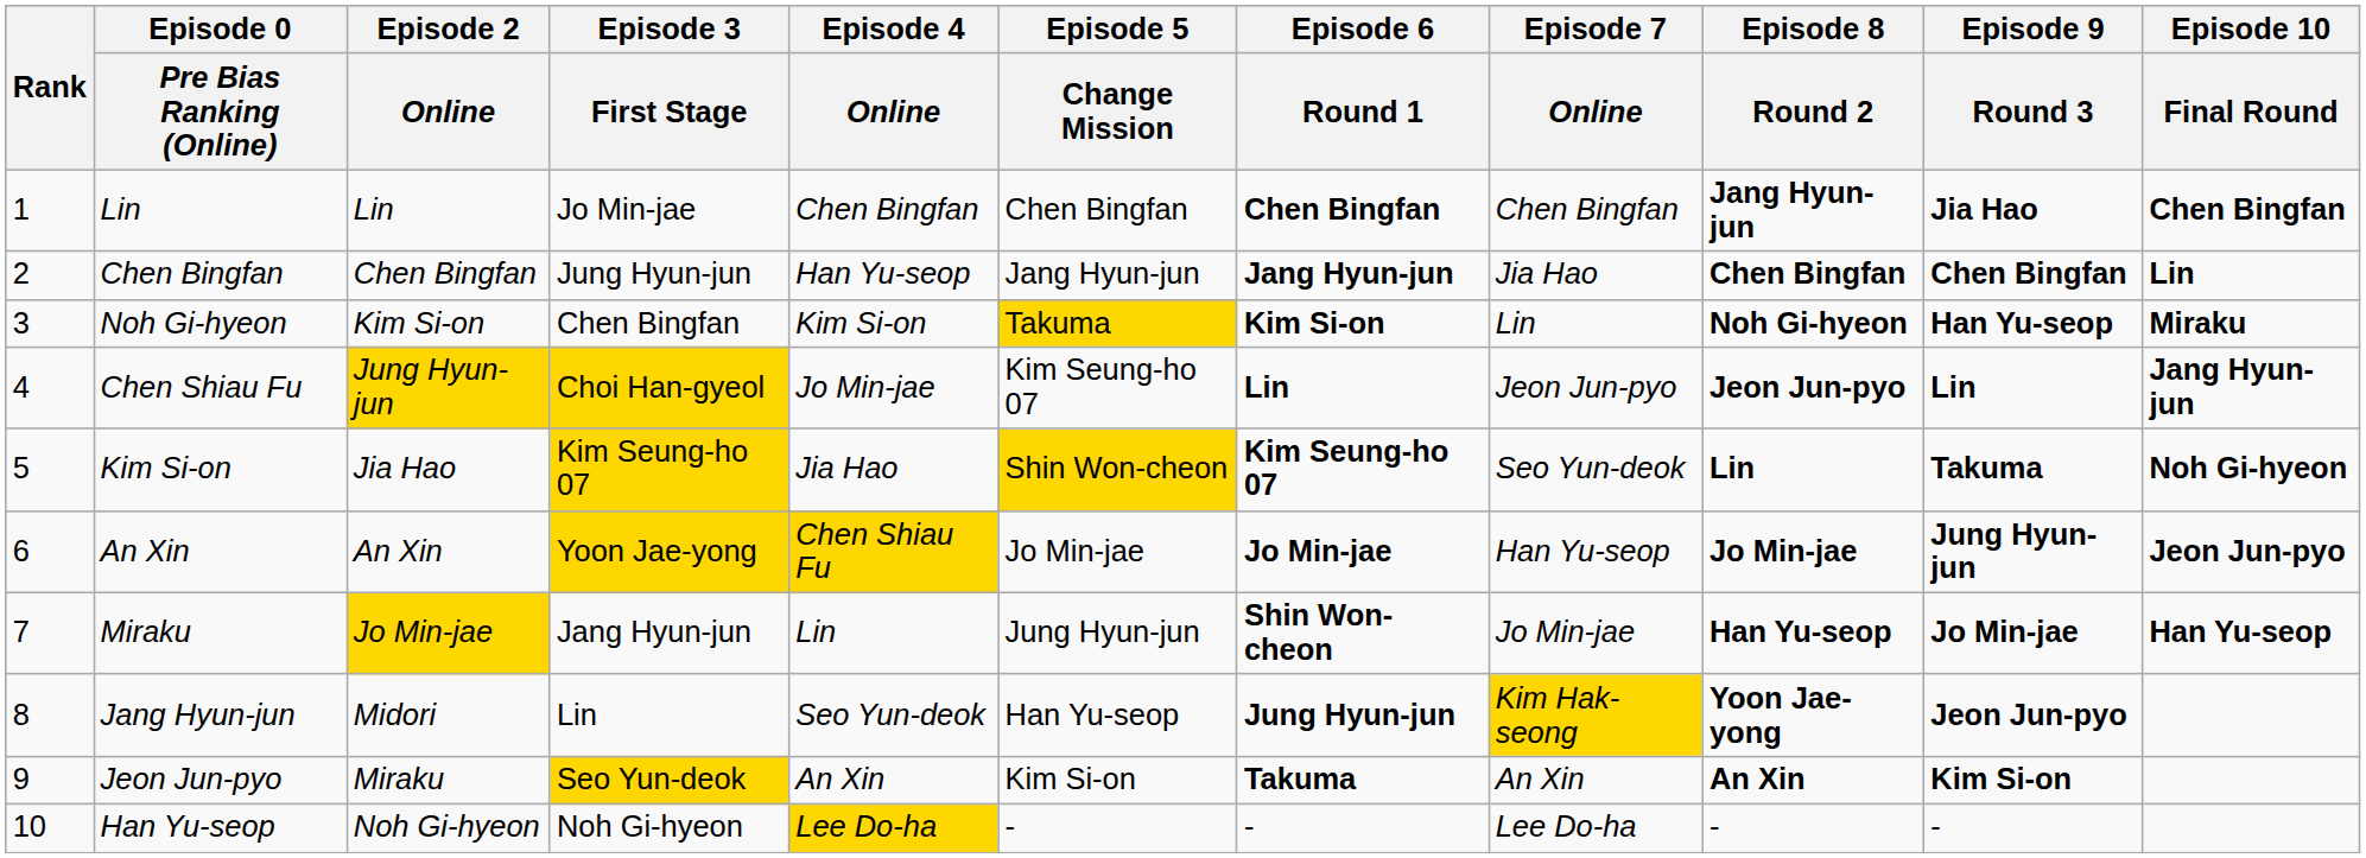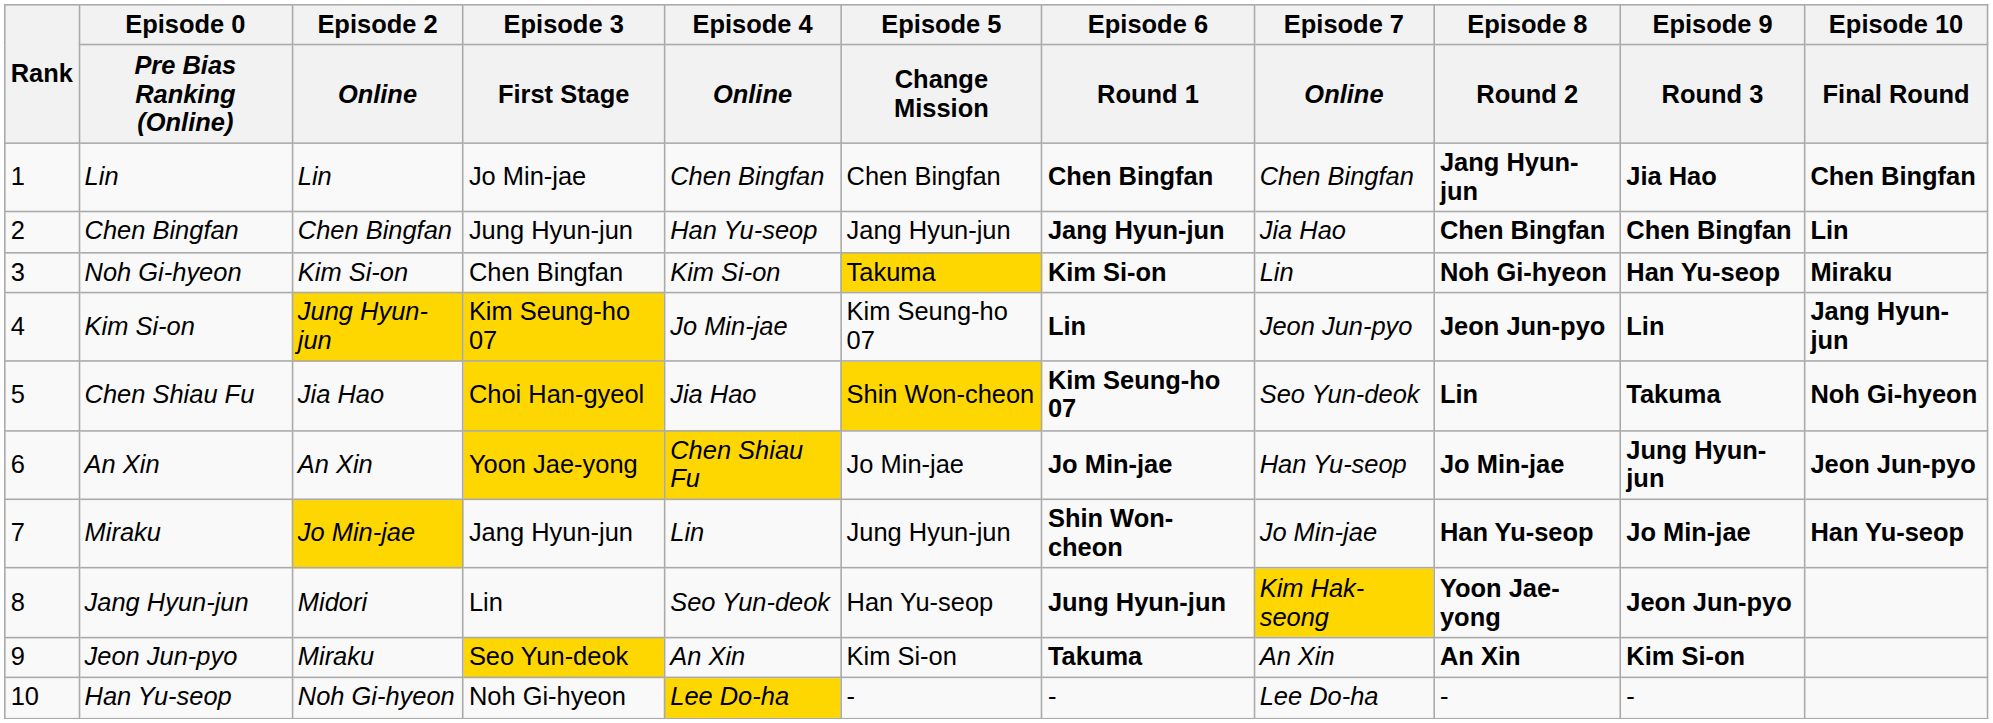 <table class="wikitable">
 <tr>
 <th rowspan="2">Rank</th>
 <th>Episode 0</th>
 <th>Episode 2</th>
 <th>Episode 3</th>
 <th>Episode 4</th>
 <th>Episode 5</th>
 <th>Episode 6</th>
 <th>Episode 7</th>
 <th>Episode 8</th>
 <th>Episode 9</th>
 <th>Episode 10</th>
 </tr>
 <tr>
 <th><em>Pre Bias Ranking</em><br><em>(Online)</em></th>
 <th><em>Online</em></th>
 <th>First Stage</th>
 <th><em>Online</em></th>
 <th>Change Mission</th>
 <th>Round 1</th>
 <th><em>Online</em></th>
 <th>Round 2</th>
 <th>Round 3</th>
 <th>Final Round</th>
 </tr>
 <tr>
 <td>1</td>
 <td><em>Lin</em></td>
 <td><em>Lin</em></td>
 <td>Jo Min-jae</td>
 <td><em>Chen Bingfan</em></td>
 <td>Chen Bingfan</td>
 <td><strong>Chen Bingfan</strong></td>
 <td><em>Chen Bingfan</em></td>
 <td><strong>Jang Hyun-jun</strong></td>
 <td><strong>Jia Hao</strong></td>
 <td><strong>Chen Bingfan</strong></td>
 </tr>
 <tr>
 <td>2</td>
 <td><em>Chen Bingfan</em></td>
 <td><em>Chen Bingfan</em></td>
 <td>Jung Hyun-jun</td>
 <td><em>Han Yu-seop</em></td>
 <td>Jang Hyun-jun</td>
 <td><strong>Jang Hyun-jun</strong></td>
 <td><em>Jia Hao</em></td>
 <td><strong>Chen Bingfan</strong></td>
 <td><strong>Chen Bingfan</strong></td>
 <td><strong>Lin</strong></td>
 </tr>
 <tr>
 <td>3</td>
 <td><em>Noh Gi-hyeon</em></td>
 <td><em>Kim Si-on</em></td>
 <td>Chen Bingfan</td>
 <td><em>Kim Si-on</em></td>
 <td style="background:Gold">Takuma</td>
 <td><strong>Kim Si-on</strong></td>
 <td><em>Lin</em></td>
 <td><strong>Noh Gi-hyeon</strong></td>
 <td><strong>Han Yu-seop</strong></td>
 <td><strong>Miraku</strong></td>
 </tr>
 <tr>
 <td>4</td>
-<td><em>Chen Shiau Fu</em></td>
+<td><em>Kim Si-on</em></td>
 <td style="background:Gold"><em>Jung Hyun-jun</em></td>
-<td style="background:Gold">Choi Han-gyeol</td>
+<td style="background:Gold">Kim Seung-ho 07</td>
 <td><em>Jo Min-jae</em></td>
 <td>Kim Seung-ho 07</td>
 <td><strong>Lin</strong></td>
 <td><em>Jeon Jun-pyo</em></td>
 <td><strong>Jeon Jun-pyo</strong></td>
 <td><strong>Lin</strong></td>
 <td><strong>Jang Hyun-jun</strong></td>
 </tr>
 <tr>
 <td>5</td>
-<td><em>Kim Si-on</em></td>
+<td><em>Chen Shiau Fu</em></td>
 <td><em>Jia Hao</em></td>
-<td style="background:Gold">Kim Seung-ho 07</td>
+<td style="background:Gold">Choi Han-gyeol</td>
 <td><em>Jia Hao</em></td>
 <td style="background:Gold">Shin Won-cheon</td>
 <td><strong>Kim Seung-ho 07</strong></td>
 <td><em>Seo Yun-deok</em></td>
 <td><strong>Lin</strong></td>
 <td><strong>Takuma</strong></td>
 <td><strong>Noh Gi-hyeon</strong></td>
 </tr>
 <tr>
 <td>6</td>
 <td><em>An Xin</em></td>
 <td><em>An Xin</em></td>
 <td style="background:Gold">Yoon Jae-yong</td>
 <td style="background:Gold"><em>Chen Shiau Fu</em></td>
 <td>Jo Min-jae</td>
 <td><strong>Jo Min-jae</strong></td>
 <td><em>Han Yu-seop</em></td>
 <td><strong>Jo Min-jae</strong></td>
 <td><strong>Jung Hyun-jun</strong></td>
 <td><strong>Jeon Jun-pyo</strong></td>
 </tr>
 <tr>
 <td>7</td>
 <td><em>Miraku</em></td>
 <td style="background:Gold"><em>Jo Min-jae</em></td>
 <td>Jang Hyun-jun</td>
 <td><em>Lin</em></td>
 <td>Jung Hyun-jun</td>
 <td><strong>Shin Won-cheon</strong></td>
 <td><em>Jo Min-jae</em></td>
 <td><strong>Han Yu-seop</strong></td>
 <td><strong>Jo Min-jae</strong></td>
 <td><strong>Han Yu-seop</strong></td>
 </tr>
 <tr>
 <td>8</td>
 <td><em>Jang Hyun-jun</em></td>
 <td><em>Midori</em></td>
 <td>Lin</td>
 <td><em>Seo Yun-deok</em></td>
 <td>Han Yu-seop</td>
 <td><strong>Jung Hyun-jun</strong></td>
 <td style="background:Gold"><em>Kim Hak-seong</em></td>
 <td><strong>Yoon Jae-yong</strong></td>
 <td><strong>Jeon Jun-pyo</strong></td>
 <td></td>
 </tr>
 <tr>
 <td>9</td>
 <td><em>Jeon Jun-pyo</em></td>
 <td><em>Miraku</em></td>
 <td style="background:Gold">Seo Yun-deok</td>
 <td><em>An Xin</em></td>
 <td>Kim Si-on</td>
 <td><strong>Takuma</strong></td>
 <td><em>An Xin</em></td>
 <td><strong>An Xin</strong></td>
 <td><strong>Kim Si-on</strong></td>
 <td></td>
 </tr>
 <tr>
 <td>10</td>
 <td><em>Han Yu-seop</em></td>
 <td><em>Noh Gi-hyeon</em></td>
 <td>Noh Gi-hyeon</td>
 <td style="background:Gold"><em>Lee Do-ha</em></td>
 <td>-</td>
 <td>-</td>
 <td><em>Lee Do-ha</em></td>
 <td>-</td>
 <td>-</td>
 <td></td>
 </tr>
 </table>
